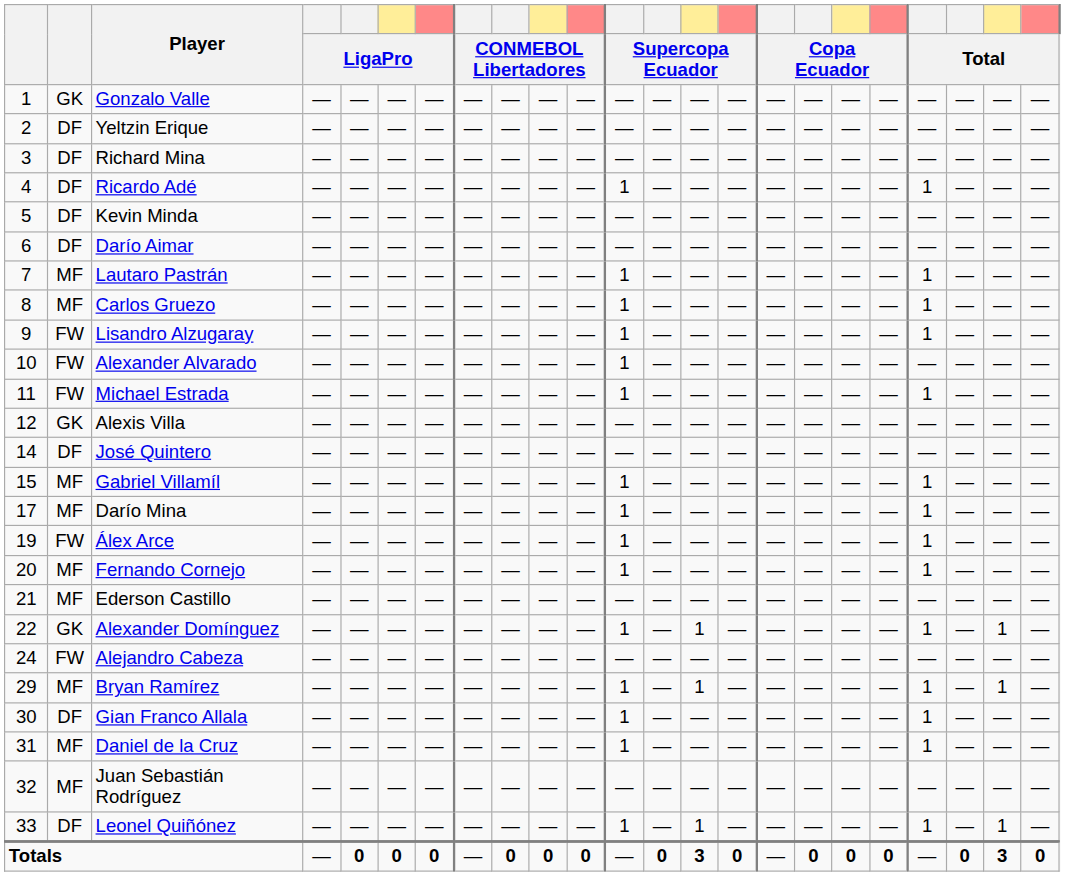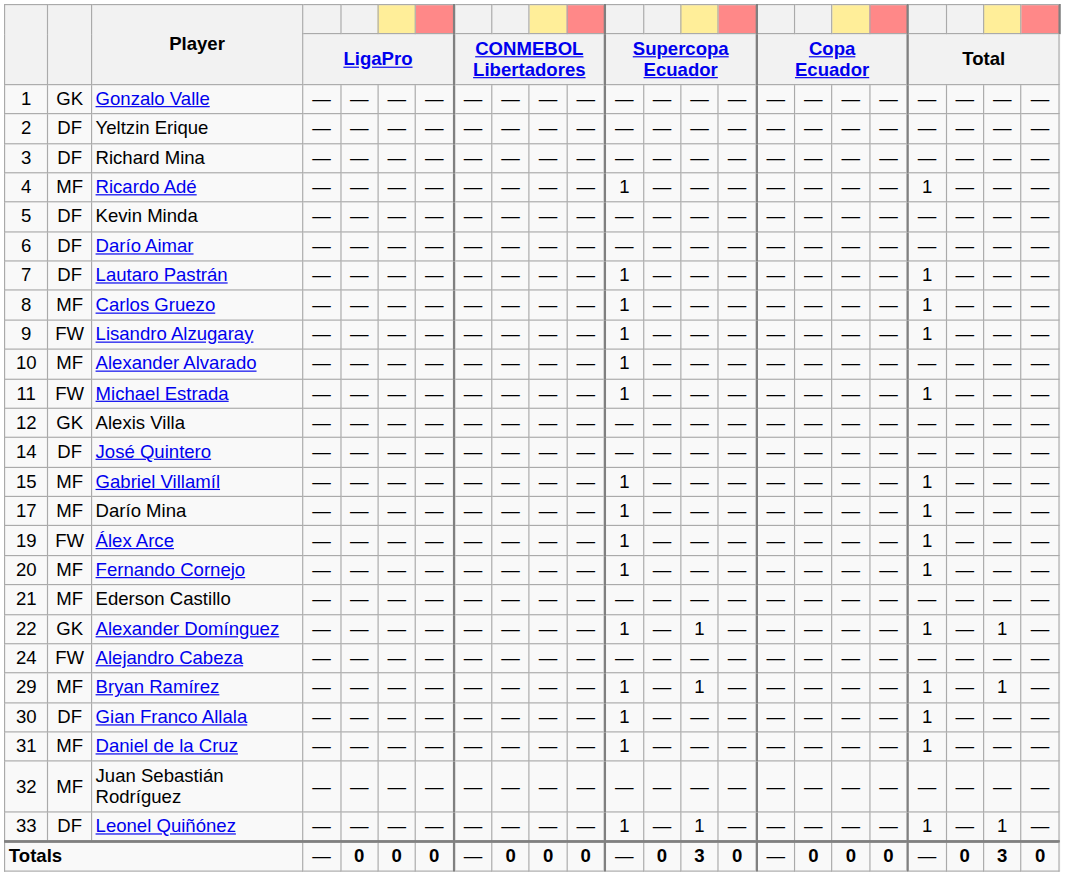 <table class="wikitable sortable" style="text-align: center;">
 <tr>
 <th rowspan="2" width=30 align="center"><br></th>
 <th rowspan="2" width=30 align="center"><br></th>
 <th rowspan="2" width=175 align="center">Player<br></th>
 <th width=25 style="background:"><br></th>
 <th width=25 style="background:"><br></th>
 <th width=25 style="background: #FFEE99"><br></th>
 <th width=25 style="border-right:2px solid grey; background:#FF8888"><br></th>
 <th width=25 style="background:"><br></th>
 <th width=25 style="background:"><br></th>
 <th width=25 style="background: #FFEE99"><br></th>
 <th width=25 style="border-right:2px solid grey; background:#FF8888"><br></th>
 <th width=25 style="background:"><br></th>
 <th width=25 style="background:"><br></th>
 <th width=25 style="background: #FFEE99"><br></th>
 <th width=25 style="border-right:2px solid grey; background:#FF8888"><br></th>
 <th width=25 style="background:"><br></th>
 <th width=25 style="background:"><br></th>
 <th width=25 style="background: #FFEE99"><br></th>
 <th width=25 style="border-right:2px solid grey; background:#FF8888"><br></th>
 <th width=25 style="background:"><br></th>
 <th width=25 style="background:"><br></th>
 <th width=25 style="background: #FFEE99"><br></th>
 <th width=25 style="border-right:2px solid grey; background:#FF8888"><br></th>
 </tr>
 <tr class="sortbottom">
 <th colspan="4" style="border-right:2px solid grey;" align="center"><a href='#'>LigaPro</a></th>
 <th colspan="4" style="border-right:2px solid grey;" align="center"><a href='#'>CONMEBOL<br>Libertadores</a></th>
 <th colspan="4" style="border-right:2px solid grey;" align="center"><a href='#'>Supercopa<br>Ecuador</a></th>
 <th colspan="4" style="border-right:2px solid grey;" align="center"><a href='#'>Copa<br>Ecuador</a></th>
 <th colspan="4" align="center">Total</th>
 </tr>
 <tr>
 <td>1</td>
 <td>GK</td>
 <td align=left><a href='#'>Gonzalo Valle</a></td>
 <td>—</td>
 <td>—</td>
 <td>—</td>
 <td>—</td>
 <td style="border-left:2px solid grey">—</td>
 <td>—</td>
 <td>—</td>
 <td>—</td>
 <td style="border-left:2px solid grey">—</td>
 <td>—</td>
 <td>—</td>
 <td>—</td>
 <td style="border-left:2px solid grey">—</td>
 <td>—</td>
 <td>—</td>
 <td>—</td>
 <td style="border-left:2px solid grey">—</td>
 <td>—</td>
 <td>—</td>
 <td>—</td>
 </tr>
 <tr>
 <td>2</td>
 <td>DF</td>
 <td align=left>Yeltzin Erique</td>
 <td>—</td>
 <td>—</td>
 <td>—</td>
 <td>—</td>
 <td style="border-left:2px solid grey">—</td>
 <td>—</td>
 <td>—</td>
 <td>—</td>
 <td style="border-left:2px solid grey">—</td>
 <td>—</td>
 <td>—</td>
 <td>—</td>
 <td style="border-left:2px solid grey">—</td>
 <td>—</td>
 <td>—</td>
 <td>—</td>
 <td style="border-left:2px solid grey">—</td>
 <td>—</td>
 <td>—</td>
 <td>—</td>
 </tr>
 <tr>
 <td>3</td>
 <td>DF</td>
 <td align=left>Richard Mina</td>
 <td>—</td>
 <td>—</td>
 <td>—</td>
 <td>—</td>
 <td style="border-left:2px solid grey">—</td>
 <td>—</td>
 <td>—</td>
 <td>—</td>
 <td style="border-left:2px solid grey">—</td>
 <td>—</td>
 <td>—</td>
 <td>—</td>
 <td style="border-left:2px solid grey">—</td>
 <td>—</td>
 <td>—</td>
 <td>—</td>
 <td style="border-left:2px solid grey">—</td>
 <td>—</td>
 <td>—</td>
 <td>—</td>
 </tr>
 <tr>
 <td>4</td>
-<td>DF</td>
+<td>MF</td>
 <td align=left><a href='#'>Ricardo Adé</a></td>
 <td>—</td>
 <td>—</td>
 <td>—</td>
 <td>—</td>
 <td style="border-left:2px solid grey">—</td>
 <td>—</td>
 <td>—</td>
 <td>—</td>
 <td style="border-left:2px solid grey">1</td>
 <td>—</td>
 <td>—</td>
 <td>—</td>
 <td style="border-left:2px solid grey">—</td>
 <td>—</td>
 <td>—</td>
 <td>—</td>
 <td style="border-left:2px solid grey">1</td>
 <td>—</td>
 <td>—</td>
 <td>—</td>
 </tr>
 <tr>
 <td>5</td>
 <td>DF</td>
 <td align=left>Kevin Minda</td>
 <td>—</td>
 <td>—</td>
 <td>—</td>
 <td>—</td>
 <td style="border-left:2px solid grey">—</td>
 <td>—</td>
 <td>—</td>
 <td>—</td>
 <td style="border-left:2px solid grey">—</td>
 <td>—</td>
 <td>—</td>
 <td>—</td>
 <td style="border-left:2px solid grey">—</td>
 <td>—</td>
 <td>—</td>
 <td>—</td>
 <td style="border-left:2px solid grey">—</td>
 <td>—</td>
 <td>—</td>
 <td>—</td>
 </tr>
 <tr>
 <td>6</td>
 <td>DF</td>
 <td align=left><a href='#'>Darío Aimar</a></td>
 <td>—</td>
 <td>—</td>
 <td>—</td>
 <td>—</td>
 <td style="border-left:2px solid grey">—</td>
 <td>—</td>
 <td>—</td>
 <td>—</td>
 <td style="border-left:2px solid grey">—</td>
 <td>—</td>
 <td>—</td>
 <td>—</td>
 <td style="border-left:2px solid grey">—</td>
 <td>—</td>
 <td>—</td>
 <td>—</td>
 <td style="border-left:2px solid grey">—</td>
 <td>—</td>
 <td>—</td>
 <td>—</td>
 </tr>
 <tr>
 <td>7</td>
-<td>MF</td>
+<td>DF</td>
 <td align=left><a href='#'>Lautaro Pastrán</a></td>
 <td>—</td>
 <td>—</td>
 <td>—</td>
 <td>—</td>
 <td style="border-left:2px solid grey">—</td>
 <td>—</td>
 <td>—</td>
 <td>—</td>
 <td style="border-left:2px solid grey">1</td>
 <td>—</td>
 <td>—</td>
 <td>—</td>
 <td style="border-left:2px solid grey">—</td>
 <td>—</td>
 <td>—</td>
 <td>—</td>
 <td style="border-left:2px solid grey">1</td>
 <td>—</td>
 <td>—</td>
 <td>—</td>
 </tr>
 <tr>
 <td>8</td>
 <td>MF</td>
 <td align=left><a href='#'>Carlos Gruezo</a></td>
 <td>—</td>
 <td>—</td>
 <td>—</td>
 <td>—</td>
 <td style="border-left:2px solid grey">—</td>
 <td>—</td>
 <td>—</td>
 <td>—</td>
 <td style="border-left:2px solid grey">1</td>
 <td>—</td>
 <td>—</td>
 <td>—</td>
 <td style="border-left:2px solid grey">—</td>
 <td>—</td>
 <td>—</td>
 <td>—</td>
 <td style="border-left:2px solid grey">1</td>
 <td>—</td>
 <td>—</td>
 <td>—</td>
 </tr>
 <tr>
 <td>9</td>
 <td>FW</td>
 <td align=left><a href='#'>Lisandro Alzugaray</a></td>
 <td>—</td>
 <td>—</td>
 <td>—</td>
 <td>—</td>
 <td style="border-left:2px solid grey">—</td>
 <td>—</td>
 <td>—</td>
 <td>—</td>
 <td style="border-left:2px solid grey">1</td>
 <td>—</td>
 <td>—</td>
 <td>—</td>
 <td style="border-left:2px solid grey">—</td>
 <td>—</td>
 <td>—</td>
 <td>—</td>
 <td style="border-left:2px solid grey">1</td>
 <td>—</td>
 <td>—</td>
 <td>—</td>
 </tr>
 <tr>
 <td>10</td>
-<td>FW</td>
+<td>MF</td>
 <td align=left><a href='#'>Alexander Alvarado</a></td>
 <td>—</td>
 <td>—</td>
 <td>—</td>
 <td>—</td>
 <td style="border-left:2px solid grey">—</td>
 <td>—</td>
 <td>—</td>
 <td>—</td>
 <td style="border-left:2px solid grey">1</td>
 <td>—</td>
 <td>—</td>
 <td>—</td>
 <td style="border-left:2px solid grey">—</td>
 <td>—</td>
 <td>—</td>
 <td>—</td>
 <td style="border-left:2px solid grey">—</td>
 <td>—</td>
 <td>—</td>
 <td>—</td>
 </tr>
 <tr>
 <td>11</td>
 <td>FW</td>
 <td align=left><a href='#'>Michael Estrada</a></td>
 <td>—</td>
 <td>—</td>
 <td>—</td>
 <td>—</td>
 <td style="border-left:2px solid grey">—</td>
 <td>—</td>
 <td>—</td>
 <td>—</td>
 <td style="border-left:2px solid grey">1</td>
 <td>—</td>
 <td>—</td>
 <td>—</td>
 <td style="border-left:2px solid grey">—</td>
 <td>—</td>
 <td>—</td>
 <td>—</td>
 <td style="border-left:2px solid grey">1</td>
 <td>—</td>
 <td>—</td>
 <td>—</td>
 </tr>
 <tr>
 <td>12</td>
 <td>GK</td>
 <td align=left>Alexis Villa</td>
 <td>—</td>
 <td>—</td>
 <td>—</td>
 <td>—</td>
 <td style="border-left:2px solid grey">—</td>
 <td>—</td>
 <td>—</td>
 <td>—</td>
 <td style="border-left:2px solid grey">—</td>
 <td>—</td>
 <td>—</td>
 <td>—</td>
 <td style="border-left:2px solid grey">—</td>
 <td>—</td>
 <td>—</td>
 <td>—</td>
 <td style="border-left:2px solid grey">—</td>
 <td>—</td>
 <td>—</td>
 <td>—</td>
 </tr>
 <tr>
 <td>14</td>
 <td>DF</td>
 <td align=left><a href='#'>José Quintero</a></td>
 <td>—</td>
 <td>—</td>
 <td>—</td>
 <td>—</td>
 <td style="border-left:2px solid grey">—</td>
 <td>—</td>
 <td>—</td>
 <td>—</td>
 <td style="border-left:2px solid grey">—</td>
 <td>—</td>
 <td>—</td>
 <td>—</td>
 <td style="border-left:2px solid grey">—</td>
 <td>—</td>
 <td>—</td>
 <td>—</td>
 <td style="border-left:2px solid grey">—</td>
 <td>—</td>
 <td>—</td>
 <td>—</td>
 </tr>
 <tr>
 <td>15</td>
 <td>MF</td>
 <td align=left><a href='#'>Gabriel Villamíl</a></td>
 <td>—</td>
 <td>—</td>
 <td>—</td>
 <td>—</td>
 <td style="border-left:2px solid grey">—</td>
 <td>—</td>
 <td>—</td>
 <td>—</td>
 <td style="border-left:2px solid grey">1</td>
 <td>—</td>
 <td>—</td>
 <td>—</td>
 <td style="border-left:2px solid grey">—</td>
 <td>—</td>
 <td>—</td>
 <td>—</td>
 <td style="border-left:2px solid grey">1</td>
 <td>—</td>
 <td>—</td>
 <td>—</td>
 </tr>
 <tr>
 <td>17</td>
 <td>MF</td>
 <td align=left>Darío Mina</td>
 <td>—</td>
 <td>—</td>
 <td>—</td>
 <td>—</td>
 <td style="border-left:2px solid grey">—</td>
 <td>—</td>
 <td>—</td>
 <td>—</td>
 <td style="border-left:2px solid grey">1</td>
 <td>—</td>
 <td>—</td>
 <td>—</td>
 <td style="border-left:2px solid grey">—</td>
 <td>—</td>
 <td>—</td>
 <td>—</td>
 <td style="border-left:2px solid grey">1</td>
 <td>—</td>
 <td>—</td>
 <td>—</td>
 </tr>
 <tr>
 <td>19</td>
 <td>FW</td>
 <td align=left><a href='#'>Álex Arce</a></td>
 <td>—</td>
 <td>—</td>
 <td>—</td>
 <td>—</td>
 <td style="border-left:2px solid grey">—</td>
 <td>—</td>
 <td>—</td>
 <td>—</td>
 <td style="border-left:2px solid grey">1</td>
 <td>—</td>
 <td>—</td>
 <td>—</td>
 <td style="border-left:2px solid grey">—</td>
 <td>—</td>
 <td>—</td>
 <td>—</td>
 <td style="border-left:2px solid grey">1</td>
 <td>—</td>
 <td>—</td>
 <td>—</td>
 </tr>
 <tr>
 <td>20</td>
 <td>MF</td>
 <td align=left><a href='#'>Fernando Cornejo</a></td>
 <td>—</td>
 <td>—</td>
 <td>—</td>
 <td>—</td>
 <td style="border-left:2px solid grey">—</td>
 <td>—</td>
 <td>—</td>
 <td>—</td>
 <td style="border-left:2px solid grey">1</td>
 <td>—</td>
 <td>—</td>
 <td>—</td>
 <td style="border-left:2px solid grey">—</td>
 <td>—</td>
 <td>—</td>
 <td>—</td>
 <td style="border-left:2px solid grey">1</td>
 <td>—</td>
 <td>—</td>
 <td>—</td>
 </tr>
 <tr>
 <td>21</td>
 <td>MF</td>
 <td align=left>Ederson Castillo</td>
 <td>—</td>
 <td>—</td>
 <td>—</td>
 <td>—</td>
 <td style="border-left:2px solid grey">—</td>
 <td>—</td>
 <td>—</td>
 <td>—</td>
 <td style="border-left:2px solid grey">—</td>
 <td>—</td>
 <td>—</td>
 <td>—</td>
 <td style="border-left:2px solid grey">—</td>
 <td>—</td>
 <td>—</td>
 <td>—</td>
 <td style="border-left:2px solid grey">—</td>
 <td>—</td>
 <td>—</td>
 <td>—</td>
 </tr>
 <tr>
 <td>22</td>
 <td>GK</td>
 <td align=left><a href='#'>Alexander Domínguez</a></td>
 <td>—</td>
 <td>—</td>
 <td>—</td>
 <td>—</td>
 <td style="border-left:2px solid grey">—</td>
 <td>—</td>
 <td>—</td>
 <td>—</td>
 <td style="border-left:2px solid grey">1</td>
 <td>—</td>
 <td>1</td>
 <td>—</td>
 <td style="border-left:2px solid grey">—</td>
 <td>—</td>
 <td>—</td>
 <td>—</td>
 <td style="border-left:2px solid grey">1</td>
 <td>—</td>
 <td>1</td>
 <td>—</td>
 </tr>
 <tr>
 <td>24</td>
 <td>FW</td>
 <td align=left><a href='#'>Alejandro Cabeza</a></td>
 <td>—</td>
 <td>—</td>
 <td>—</td>
 <td>—</td>
 <td style="border-left:2px solid grey">—</td>
 <td>—</td>
 <td>—</td>
 <td>—</td>
 <td style="border-left:2px solid grey">—</td>
 <td>—</td>
 <td>—</td>
 <td>—</td>
 <td style="border-left:2px solid grey">—</td>
 <td>—</td>
 <td>—</td>
 <td>—</td>
 <td style="border-left:2px solid grey">—</td>
 <td>—</td>
 <td>—</td>
 <td>—</td>
 </tr>
 <tr>
 <td>29</td>
 <td>MF</td>
 <td align=left><a href='#'>Bryan Ramírez</a></td>
 <td>—</td>
 <td>—</td>
 <td>—</td>
 <td>—</td>
 <td style="border-left:2px solid grey">—</td>
 <td>—</td>
 <td>—</td>
 <td>—</td>
 <td style="border-left:2px solid grey">1</td>
 <td>—</td>
 <td>1</td>
 <td>—</td>
 <td style="border-left:2px solid grey">—</td>
 <td>—</td>
 <td>—</td>
 <td>—</td>
 <td style="border-left:2px solid grey">1</td>
 <td>—</td>
 <td>1</td>
 <td>—</td>
 </tr>
 <tr>
 <td>30</td>
 <td>DF</td>
 <td align=left><a href='#'>Gian Franco Allala</a></td>
 <td>—</td>
 <td>—</td>
 <td>—</td>
 <td>—</td>
 <td style="border-left:2px solid grey">—</td>
 <td>—</td>
 <td>—</td>
 <td>—</td>
 <td style="border-left:2px solid grey">1</td>
 <td>—</td>
 <td>—</td>
 <td>—</td>
 <td style="border-left:2px solid grey">—</td>
 <td>—</td>
 <td>—</td>
 <td>—</td>
 <td style="border-left:2px solid grey">1</td>
 <td>—</td>
 <td>—</td>
 <td>—</td>
 </tr>
 <tr>
 <td>31</td>
 <td>MF</td>
 <td align=left><a href='#'>Daniel de la Cruz</a></td>
 <td>—</td>
 <td>—</td>
 <td>—</td>
 <td>—</td>
 <td style="border-left:2px solid grey">—</td>
 <td>—</td>
 <td>—</td>
 <td>—</td>
 <td style="border-left:2px solid grey">1</td>
 <td>—</td>
 <td>—</td>
 <td>—</td>
 <td style="border-left:2px solid grey">—</td>
 <td>—</td>
 <td>—</td>
 <td>—</td>
 <td style="border-left:2px solid grey">1</td>
 <td>—</td>
 <td>—</td>
 <td>—</td>
 </tr>
 <tr>
 <td>32</td>
 <td>MF</td>
 <td align=left>Juan Sebastián Rodríguez</td>
 <td>—</td>
 <td>—</td>
 <td>—</td>
 <td>—</td>
 <td style="border-left:2px solid grey">—</td>
 <td>—</td>
 <td>—</td>
 <td>—</td>
 <td style="border-left:2px solid grey">—</td>
 <td>—</td>
 <td>—</td>
 <td>—</td>
 <td style="border-left:2px solid grey">—</td>
 <td>—</td>
 <td>—</td>
 <td>—</td>
 <td style="border-left:2px solid grey">—</td>
 <td>—</td>
 <td>—</td>
 <td>—</td>
 </tr>
 <tr>
 <td>33</td>
 <td>DF</td>
 <td align=left><a href='#'>Leonel Quiñónez</a></td>
 <td>—</td>
 <td>—</td>
 <td>—</td>
 <td>—</td>
 <td style="border-left:2px solid grey">—</td>
 <td>—</td>
 <td>—</td>
 <td>—</td>
 <td style="border-left:2px solid grey">1</td>
 <td>—</td>
 <td>1</td>
 <td>—</td>
 <td style="border-left:2px solid grey">—</td>
 <td>—</td>
 <td>—</td>
 <td>—</td>
 <td style="border-left:2px solid grey">1</td>
 <td>—</td>
 <td>1</td>
 <td>—</td>
 </tr>
 <tr>
 </tr>
 <tr style="border-top:2px solid grey">
 </tr>
 <tr class="sortbottom" style="border-top:2px solid grey">
 <td colspan=3 align=left><strong>Totals</strong></td>
 <td>—</td>
 <td><strong>0</strong></td>
 <td><strong>0</strong></td>
 <td><strong>0</strong></td>
 <td style="border-left:2px solid grey">—</td>
 <td><strong>0</strong></td>
 <td><strong>0</strong></td>
 <td><strong>0</strong></td>
 <td style="border-left:2px solid grey">—</td>
 <td><strong>0</strong></td>
 <td><strong>3</strong></td>
 <td><strong>0</strong></td>
 <td style="border-left:2px solid grey">—</td>
 <td><strong>0</strong></td>
 <td><strong>0</strong></td>
 <td><strong>0</strong></td>
 <td style="border-left:2px solid grey">—</td>
 <td><strong>0</strong></td>
 <td><strong>3</strong></td>
 <td><strong>0</strong></td>
 </tr>
 </table>
